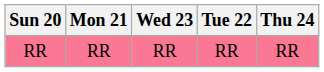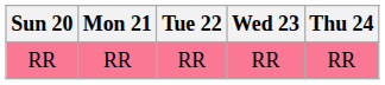 <table class="wikitable" style="margin:0.5em auto; font-size:90%; line-height:1.25em; text-align:center">
 <tr>
 <th>Sun 20</th>
 <th>Mon 21</th>
+<th>Tue 22</th>
 <th>Wed 23</th>
-<th>Tue 22</th>
 <th>Thu 24</th>
 </tr>
 <tr>
 <td bgcolor="#FA7894">RR</td>
 <td bgcolor="#FA7894">RR</td>
 <td bgcolor="#FA7894">RR</td>
 <td bgcolor="#FA7894">RR</td>
 <td bgcolor="#FA7894">RR</td>
 </tr>
 </table>
